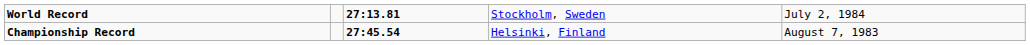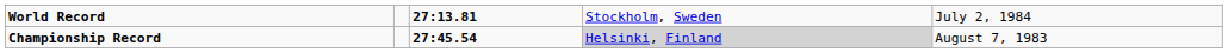 <table class="wikitable" width=75%>
 <tr>
 <td><strong>World Record</strong></td>
 <td></td>
 <td><strong>27:13.81</strong></td>
 <td><a href='#'>Stockholm</a>, <a href='#'>Sweden</a></td>
 <td>July 2, 1984</td>
 </tr>
 <tr>
 <td><strong>Championship Record</strong></td>
 <td></td>
 <td><strong>27:45.54</strong></td>
-<td><a href='#'>Helsinki</a>, <a href='#'>Finland</a></td>
+<td style="background: lightgrey;"><a href='#'>Helsinki</a>, <a href='#'>Finland</a></td>
 <td>August 7, 1983</td>
 </tr>
 </table>
